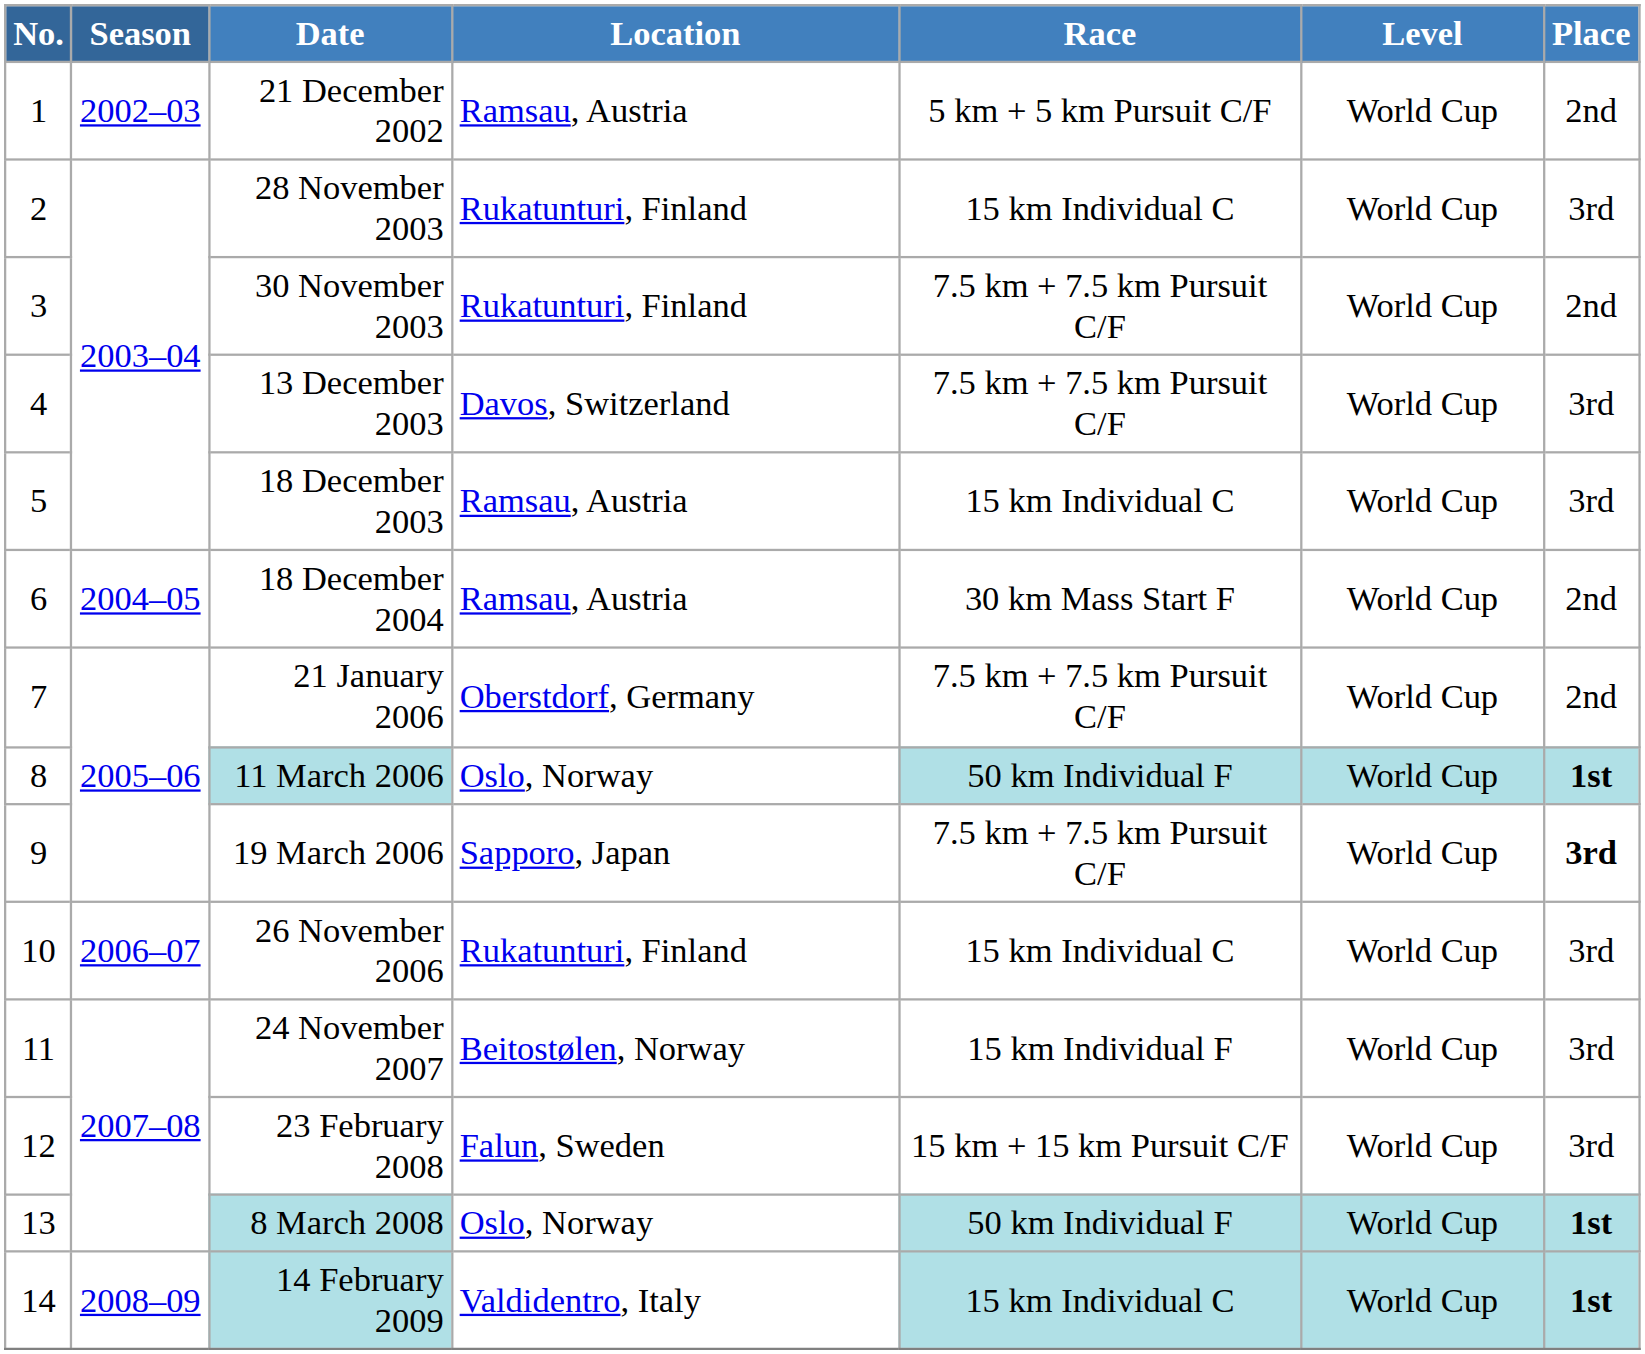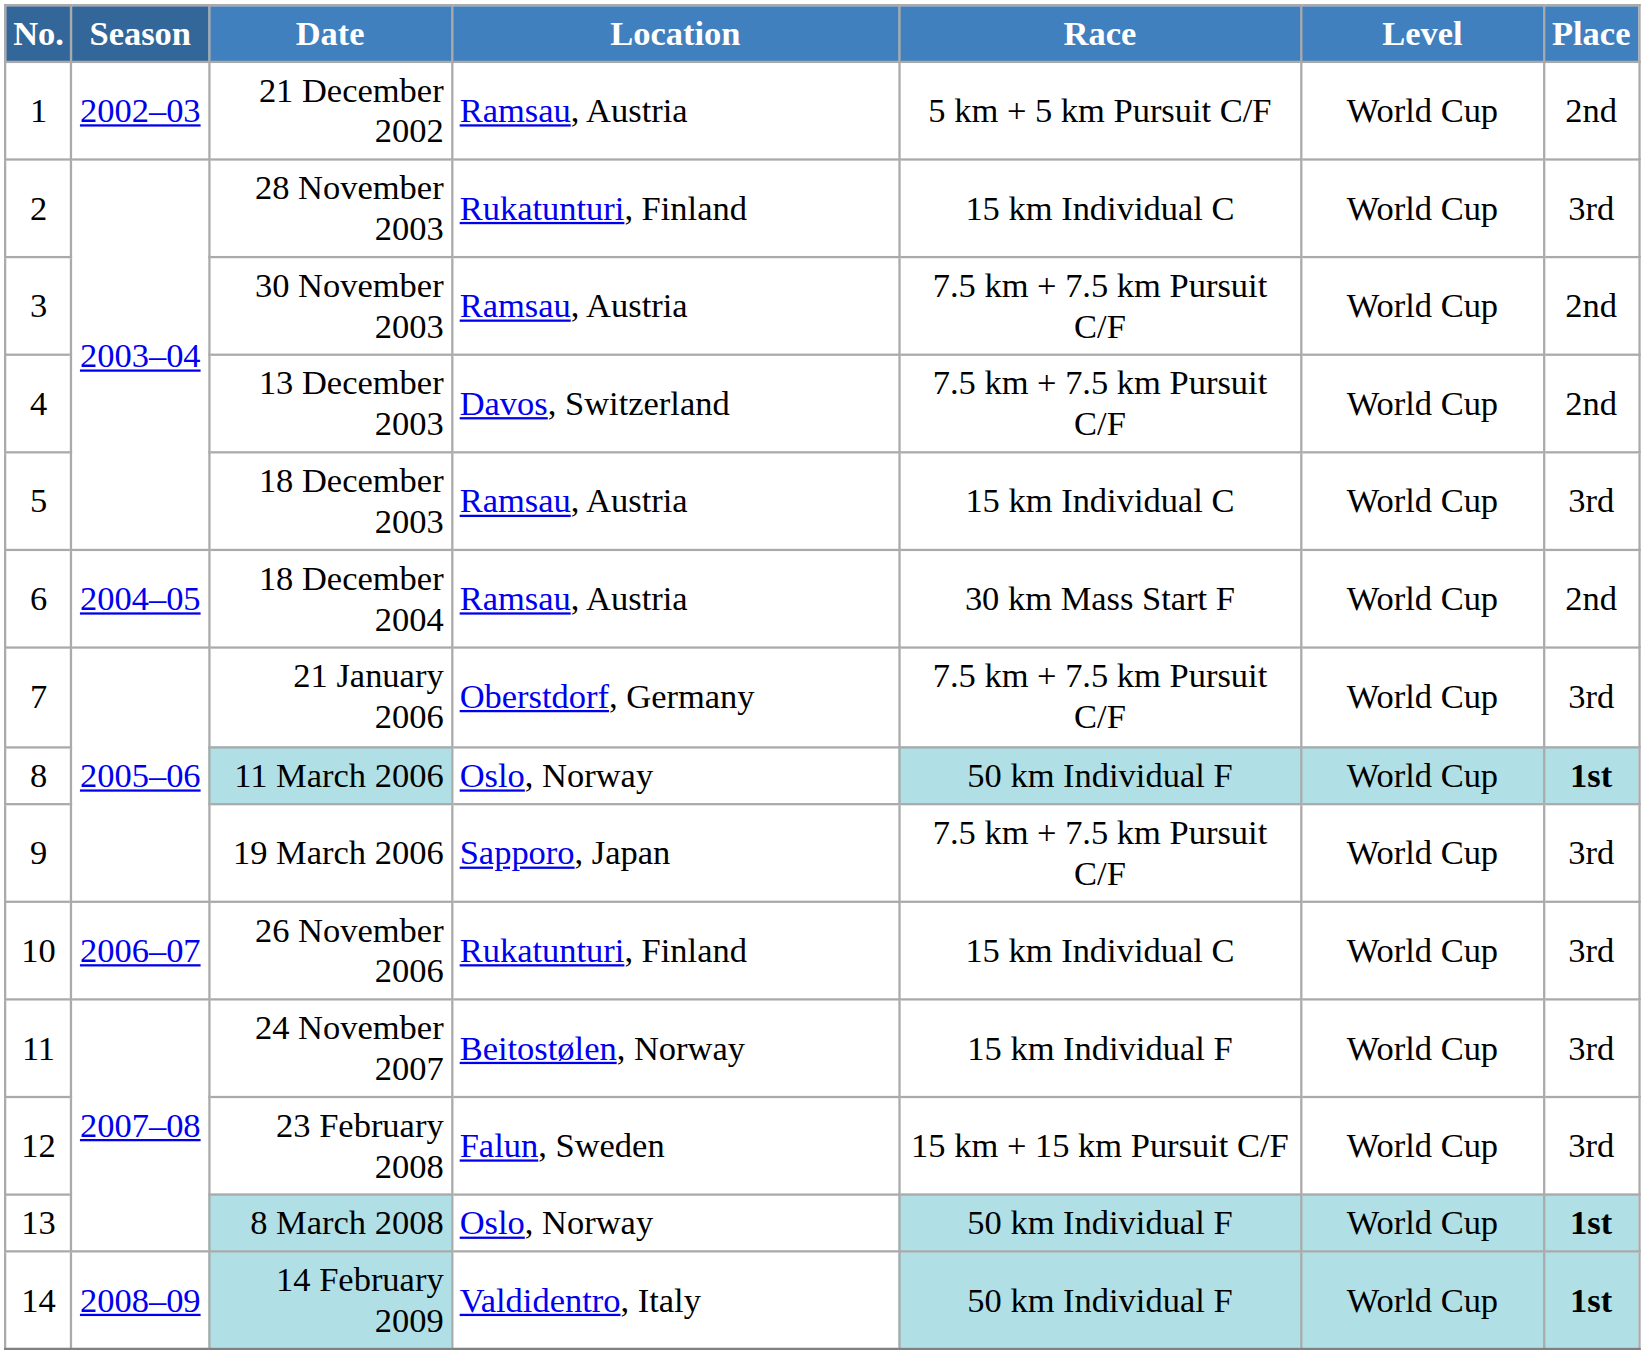 <table class="wikitable sortable" style="font-size:95%; text-align:center; border:grey solid 1px; border-collapse:collapse; background:#ffffff;">
 <tr style="background:#efefef;">
 <th style="background-color:#369; color:white;">No.</th>
 <th style="background-color:#369; color:white;">Season</th>
 <th style="background-color:#4180be; color:white; width:100px;">Date</th>
 <th style="background-color:#4180be; color:white; width:190px;">Location</th>
 <th style="background-color:#4180be; color:white; width:170px;">Race</th>
 <th style="background-color:#4180be; color:white; width:100px;">Level</th>
 <th style="background-color:#4180be; color:white;">Place</th>
 </tr>
 <tr>
 <td align=center>1</td>
 <td rowspan=1 align=center><a href='#'>2002–03</a></td>
 <td align=right>21 December 2002</td>
 <td align=left> <a href='#'>Ramsau</a>, Austria</td>
 <td>5 km + 5 km Pursuit C/F</td>
 <td>World Cup</td>
 <td>2nd</td>
 </tr>
 <tr>
 <td align=center>2</td>
 <td rowspan=4 align=center><a href='#'>2003–04</a></td>
 <td align=right>28 November 2003</td>
 <td align=left> <a href='#'>Rukatunturi</a>, Finland</td>
 <td>15 km Individual C</td>
 <td>World Cup</td>
 <td>3rd</td>
 </tr>
 <tr>
 <td align=center>3</td>
 <td align=right>30 November 2003</td>
-<td align=left> <a href='#'>Rukatunturi</a>, Finland</td>
+<td align=left> <a href='#'>Ramsau</a>, Austria</td>
 <td>7.5 km + 7.5 km Pursuit C/F</td>
 <td>World Cup</td>
 <td>2nd</td>
 </tr>
 <tr>
 <td align=center>4</td>
 <td align=right>13 December 2003</td>
 <td align=left> <a href='#'>Davos</a>, Switzerland</td>
 <td>7.5 km + 7.5 km Pursuit C/F</td>
 <td>World Cup</td>
-<td>3rd</td>
+<td>2nd</td>
 </tr>
 <tr>
 <td align=center>5</td>
 <td align=right>18 December 2003</td>
 <td align=left> <a href='#'>Ramsau</a>, Austria</td>
 <td>15 km Individual C</td>
 <td>World Cup</td>
 <td>3rd</td>
 </tr>
 <tr>
 <td align=center>6</td>
 <td rowspan=1 align=center><a href='#'>2004–05</a></td>
 <td align=right>18 December 2004</td>
 <td align=left> <a href='#'>Ramsau</a>, Austria</td>
 <td>30 km Mass Start F</td>
 <td>World Cup</td>
 <td>2nd</td>
 </tr>
 <tr>
 <td align=center>7</td>
 <td rowspan=3 align=center><a href='#'>2005–06</a></td>
 <td align=right>21 January 2006</td>
 <td align=left> <a href='#'>Oberstdorf</a>, Germany</td>
 <td>7.5 km + 7.5 km Pursuit C/F</td>
 <td>World Cup</td>
-<td>2nd</td>
+<td>3rd</td>
 </tr>
 <tr>
 <td align=center>8</td>
 <td bgcolor="#BOEOE6" align=right>11 March 2006</td>
 <td align=left> <a href='#'>Oslo</a>, Norway</td>
 <td bgcolor="#BOEOE6" align=center>50 km Individual F</td>
 <td bgcolor="#BOEOE6">World Cup</td>
 <td bgcolor="#BOEOE6"><strong>1st</strong></td>
 </tr>
 <tr>
 <td align=center>9</td>
 <td align=right>19 March 2006</td>
 <td align=left> <a href='#'>Sapporo</a>, Japan</td>
 <td>7.5 km + 7.5 km Pursuit C/F</td>
 <td>World Cup</td>
-<td><strong>3rd</strong></td>
+<td>3rd</td>
 </tr>
 <tr>
 <td align=center>10</td>
 <td rowspan=1 align=center><a href='#'>2006–07</a></td>
 <td align=right>26 November 2006</td>
 <td align=left> <a href='#'>Rukatunturi</a>, Finland</td>
 <td>15 km Individual C</td>
 <td>World Cup</td>
 <td>3rd</td>
 </tr>
 <tr>
 <td align=center>11</td>
 <td rowspan=3 align=center><a href='#'>2007–08</a></td>
 <td align=right>24 November 2007</td>
 <td align=left> <a href='#'>Beitostølen</a>, Norway</td>
 <td>15 km Individual F</td>
 <td>World Cup</td>
 <td>3rd</td>
 </tr>
 <tr>
 <td align=center>12</td>
 <td align=right>23 February 2008</td>
 <td align=left> <a href='#'>Falun</a>, Sweden</td>
 <td>15 km + 15 km Pursuit C/F</td>
 <td>World Cup</td>
 <td>3rd</td>
 </tr>
 <tr>
 <td align=center>13</td>
 <td bgcolor="#BOEOE6" align=right>8 March 2008</td>
 <td align=left> <a href='#'>Oslo</a>, Norway</td>
 <td bgcolor="#BOEOE6" align=center>50 km Individual F</td>
 <td bgcolor="#BOEOE6">World Cup</td>
 <td bgcolor="#BOEOE6"><strong>1st</strong></td>
 </tr>
 <tr>
 <td align=center>14</td>
 <td rowspan=1 align=center><a href='#'>2008–09</a></td>
 <td bgcolor="#BOEOE6" align=right>14 February 2009</td>
 <td align=left> <a href='#'>Valdidentro</a>, Italy</td>
-<td bgcolor="#BOEOE6">15 km Individual C</td>
+<td bgcolor="#BOEOE6" align=center>50 km Individual F</td>
 <td bgcolor="#BOEOE6">World Cup</td>
 <td bgcolor="#BOEOE6"><strong>1st</strong></td>
 </tr>
 <tr>
 </tr>
 </table>
